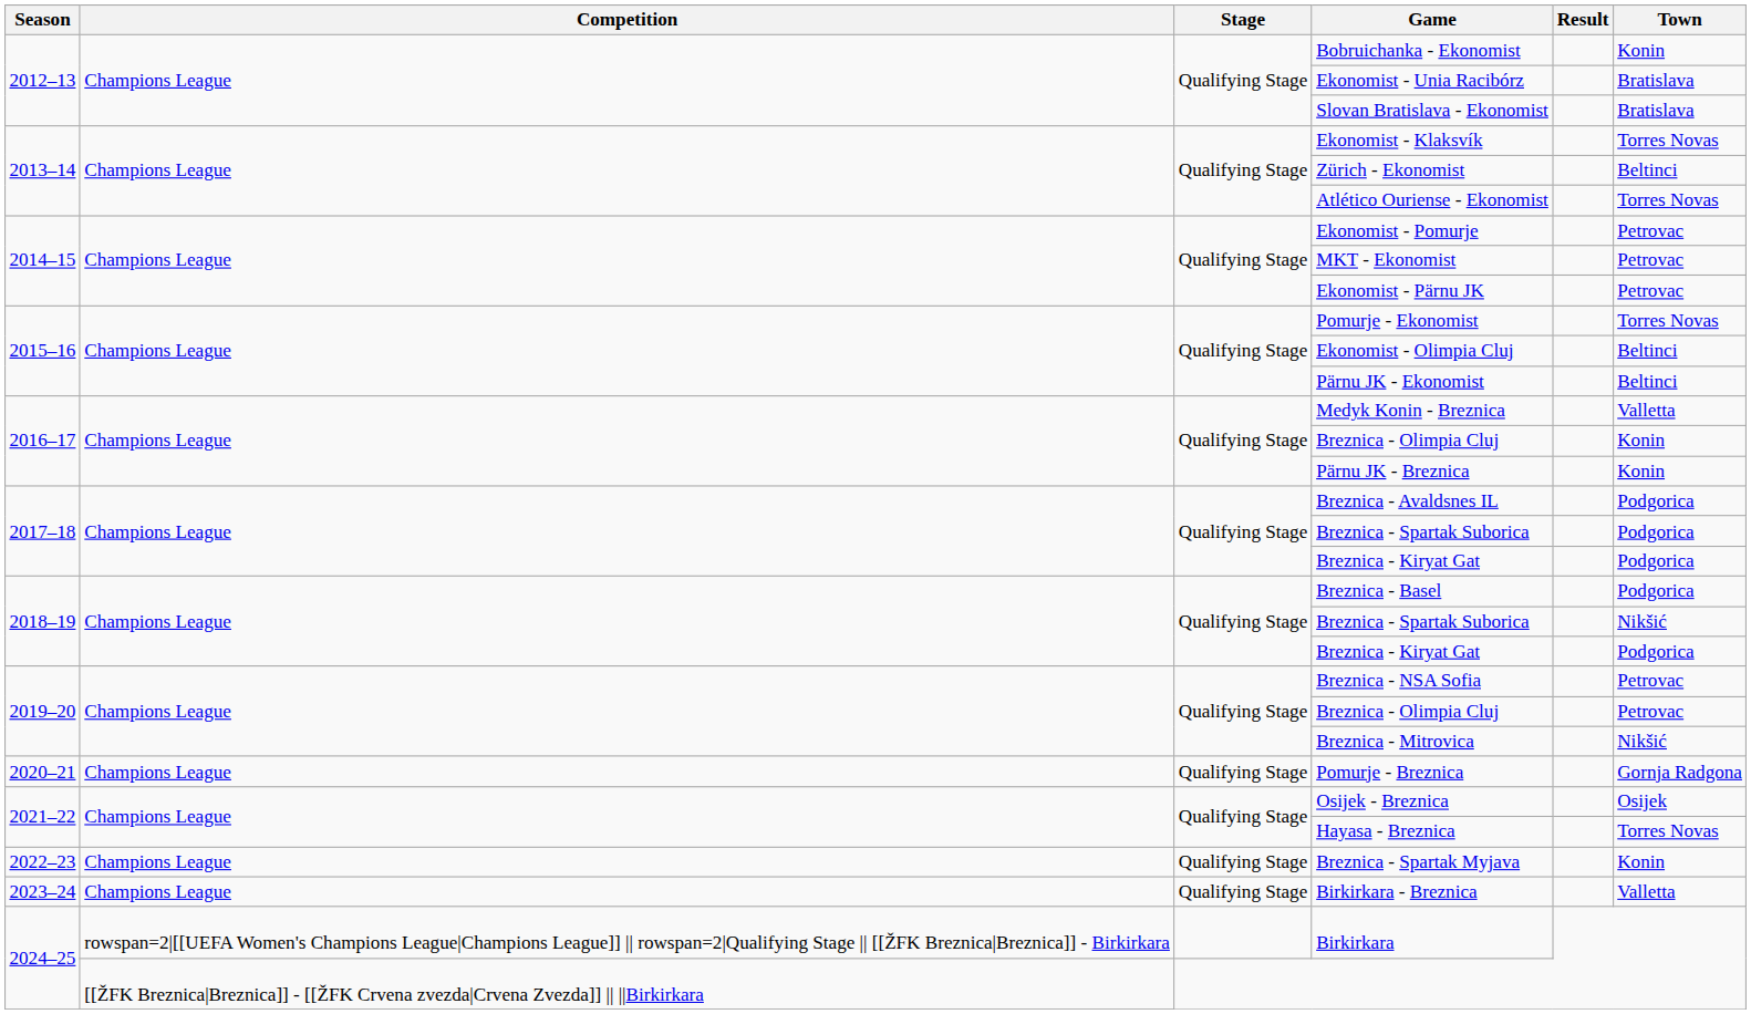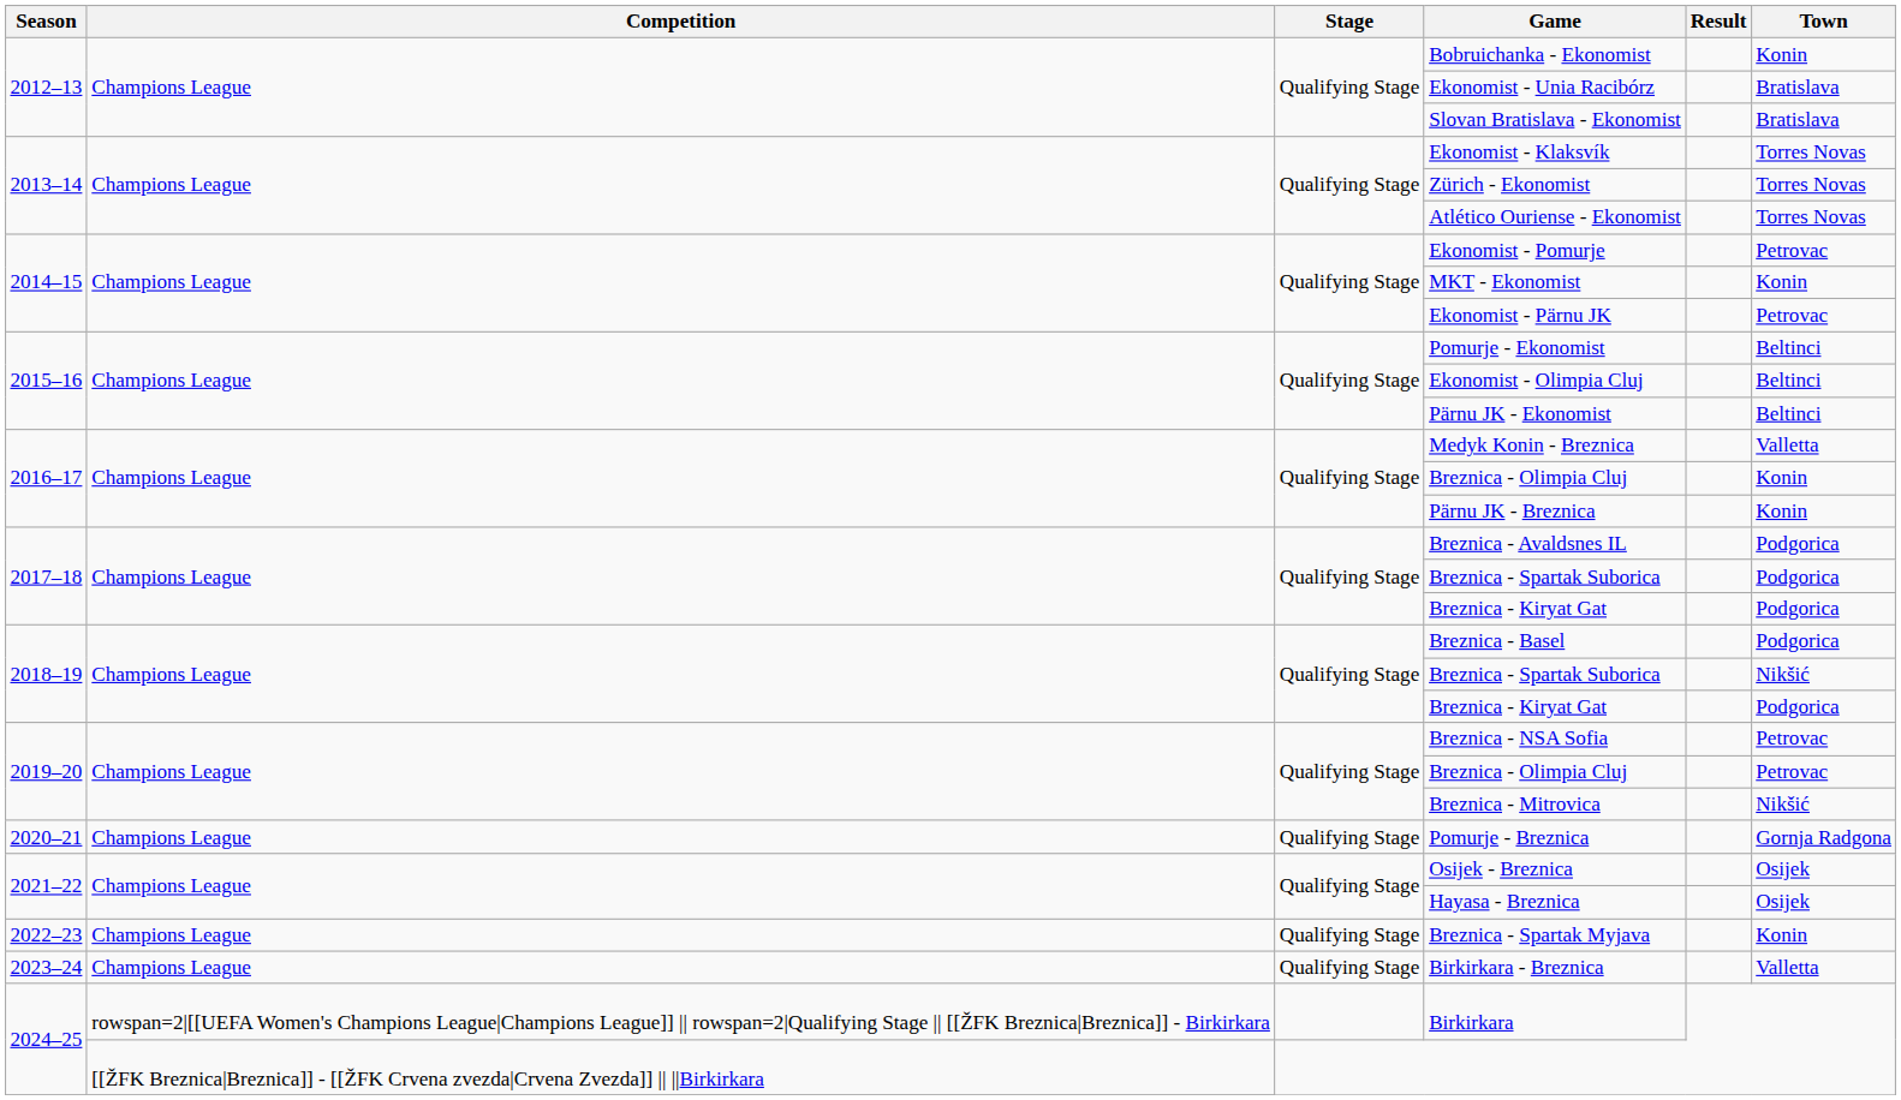 <table class="wikitable">
 <tr>
 <th>Season</th>
 <th>Competition</th>
 <th>Stage</th>
 <th>Game</th>
 <th>Result</th>
 <th>Town</th>
 </tr>
 <tr>
 <td rowspan=3><a href='#'>2012–13</a></td>
 <td rowspan=3><a href='#'>Champions League</a></td>
 <td rowspan=3>Qualifying Stage</td>
 <td> <a href='#'>Bobruichanka</a> -  <a href='#'>Ekonomist</a></td>
 <td></td>
 <td><a href='#'>Konin</a></td>
 </tr>
 <tr>
 <td> <a href='#'>Ekonomist</a> -  <a href='#'>Unia Racibórz</a></td>
 <td></td>
 <td><a href='#'>Bratislava</a></td>
 </tr>
 <tr>
 <td> <a href='#'>Slovan Bratislava</a> -  <a href='#'>Ekonomist</a></td>
 <td></td>
 <td><a href='#'>Bratislava</a></td>
 </tr>
 <tr>
 <td rowspan=3><a href='#'>2013–14</a></td>
 <td rowspan=3><a href='#'>Champions League</a></td>
 <td rowspan=3>Qualifying Stage</td>
 <td> <a href='#'>Ekonomist</a> -  <a href='#'>Klaksvík</a></td>
 <td></td>
 <td><a href='#'>Torres Novas</a></td>
 </tr>
 <tr>
 <td> <a href='#'>Zürich</a> -  <a href='#'>Ekonomist</a></td>
 <td></td>
-<td><a href='#'>Beltinci</a></td>
+<td><a href='#'>Torres Novas</a></td>
 </tr>
 <tr>
 <td> <a href='#'>Atlético Ouriense</a> -  <a href='#'>Ekonomist</a></td>
 <td></td>
 <td><a href='#'>Torres Novas</a></td>
 </tr>
 <tr>
 <td rowspan=3><a href='#'>2014–15</a></td>
 <td rowspan=3><a href='#'>Champions League</a></td>
 <td rowspan=3>Qualifying Stage</td>
 <td> <a href='#'>Ekonomist</a> -  <a href='#'>Pomurje</a></td>
 <td></td>
 <td><a href='#'>Petrovac</a></td>
 </tr>
 <tr>
 <td> <a href='#'>MKT</a> -  <a href='#'>Ekonomist</a></td>
 <td></td>
-<td><a href='#'>Petrovac</a></td>
+<td><a href='#'>Konin</a></td>
 </tr>
 <tr>
 <td> <a href='#'>Ekonomist</a> -  <a href='#'>Pärnu JK</a></td>
 <td></td>
 <td><a href='#'>Petrovac</a></td>
 </tr>
 <tr>
 <td rowspan=3><a href='#'>2015–16</a></td>
 <td rowspan=3><a href='#'>Champions League</a></td>
 <td rowspan=3>Qualifying Stage</td>
 <td> <a href='#'>Pomurje</a> -  <a href='#'>Ekonomist</a></td>
 <td></td>
-<td><a href='#'>Torres Novas</a></td>
+<td><a href='#'>Beltinci</a></td>
 </tr>
 <tr>
 <td> <a href='#'>Ekonomist</a> -  <a href='#'>Olimpia Cluj</a></td>
 <td></td>
 <td><a href='#'>Beltinci</a></td>
 </tr>
 <tr>
 <td> <a href='#'>Pärnu JK</a> -  <a href='#'>Ekonomist</a></td>
 <td></td>
 <td><a href='#'>Beltinci</a></td>
 </tr>
 <tr>
 <td rowspan=3><a href='#'>2016–17</a></td>
 <td rowspan=3><a href='#'>Champions League</a></td>
 <td rowspan=3>Qualifying Stage</td>
 <td> <a href='#'>Medyk Konin</a> -  <a href='#'>Breznica</a></td>
 <td></td>
 <td><a href='#'>Valletta</a></td>
 </tr>
 <tr>
 <td> <a href='#'>Breznica</a> -  <a href='#'>Olimpia Cluj</a></td>
 <td></td>
 <td><a href='#'>Konin</a></td>
 </tr>
 <tr>
 <td> <a href='#'>Pärnu JK</a> -  <a href='#'>Breznica</a></td>
 <td></td>
 <td><a href='#'>Konin</a></td>
 </tr>
 <tr>
 <td rowspan=3><a href='#'>2017–18</a></td>
 <td rowspan=3><a href='#'>Champions League</a></td>
 <td rowspan=3>Qualifying Stage</td>
 <td> <a href='#'>Breznica</a> -  <a href='#'>Avaldsnes IL</a></td>
 <td></td>
 <td><a href='#'>Podgorica</a></td>
 </tr>
 <tr>
 <td> <a href='#'>Breznica</a> -  <a href='#'>Spartak Suborica</a></td>
 <td></td>
 <td><a href='#'>Podgorica</a></td>
 </tr>
 <tr>
 <td> <a href='#'>Breznica</a> -  <a href='#'>Kiryat Gat</a></td>
 <td></td>
 <td><a href='#'>Podgorica</a></td>
 </tr>
 <tr>
 <td rowspan=3><a href='#'>2018–19</a></td>
 <td rowspan=3><a href='#'>Champions League</a></td>
 <td rowspan=3>Qualifying Stage</td>
 <td> <a href='#'>Breznica</a> -  <a href='#'>Basel</a></td>
 <td></td>
 <td><a href='#'>Podgorica</a></td>
 </tr>
 <tr>
 <td> <a href='#'>Breznica</a> -  <a href='#'>Spartak Suborica</a></td>
 <td></td>
 <td><a href='#'>Nikšić</a></td>
 </tr>
 <tr>
 <td> <a href='#'>Breznica</a> -  <a href='#'>Kiryat Gat</a></td>
 <td></td>
 <td><a href='#'>Podgorica</a></td>
 </tr>
 <tr>
 <td rowspan=3><a href='#'>2019–20</a></td>
 <td rowspan=3><a href='#'>Champions League</a></td>
 <td rowspan=3>Qualifying Stage</td>
 <td> <a href='#'>Breznica</a> -  <a href='#'>NSA Sofia</a></td>
 <td></td>
 <td><a href='#'>Petrovac</a></td>
 </tr>
 <tr>
 <td> <a href='#'>Breznica</a> -  <a href='#'>Olimpia Cluj</a></td>
 <td></td>
 <td><a href='#'>Petrovac</a></td>
 </tr>
 <tr>
 <td> <a href='#'>Breznica</a> -  <a href='#'>Mitrovica</a></td>
 <td></td>
 <td><a href='#'>Nikšić</a></td>
 </tr>
 <tr>
 <td><a href='#'>2020–21</a></td>
 <td><a href='#'>Champions League</a></td>
 <td>Qualifying Stage</td>
 <td> <a href='#'>Pomurje</a> -  <a href='#'>Breznica</a></td>
 <td></td>
 <td><a href='#'>Gornja Radgona</a></td>
 </tr>
 <tr>
 <td rowspan=2><a href='#'>2021–22</a></td>
 <td rowspan=2><a href='#'>Champions League</a></td>
 <td rowspan=2>Qualifying Stage</td>
 <td> <a href='#'>Osijek</a> -  <a href='#'>Breznica</a></td>
 <td></td>
 <td><a href='#'>Osijek</a></td>
 </tr>
 <tr>
 <td> <a href='#'>Hayasa</a> -  <a href='#'>Breznica</a></td>
 <td></td>
-<td><a href='#'>Torres Novas</a></td>
+<td><a href='#'>Osijek</a></td>
 </tr>
 <tr>
 <td><a href='#'>2022–23</a></td>
 <td><a href='#'>Champions League</a></td>
 <td>Qualifying Stage</td>
 <td> <a href='#'>Breznica</a> -  <a href='#'>Spartak Myjava</a></td>
 <td></td>
 <td><a href='#'>Konin</a></td>
 </tr>
 <tr>
 <td><a href='#'>2023–24</a></td>
 <td><a href='#'>Champions League</a></td>
 <td>Qualifying Stage</td>
 <td> <a href='#'>Birkirkara</a> -  <a href='#'>Breznica</a></td>
 <td></td>
 <td><a href='#'>Valletta</a></td>
 </tr>
 <tr>
 <td rowspan=2><a href='#'>2024–25</a></td>
 <td><br>rowspan=2|[[UEFA Women's Champions League|Champions League]] || rowspan=2|Qualifying Stage ||  [[ŽFK Breznica|Breznica]] -  <a href='#'>Birkirkara</a></td>
 <td></td>
 <td><br><a href='#'>Birkirkara</a></td>
 </tr>
 <tr>
 <td><br>[[ŽFK Breznica|Breznica]] -  [[ŽFK Crvena zvezda|Crvena Zvezda]] ||  ||<a href='#'>Birkirkara</a></td>
 </tr>
 <tr>
 </tr>
 </table>
